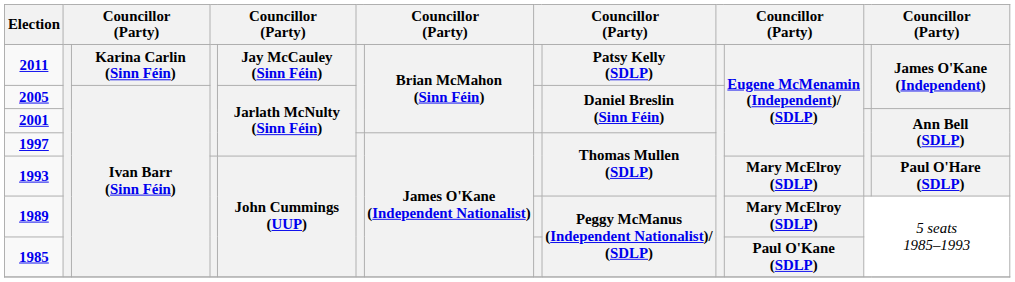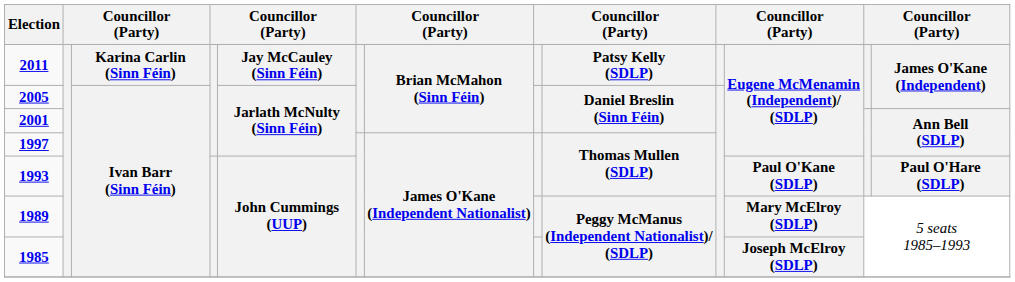 <table class="wikitable" style="text-align:center">
 <tr>
 <th scope="col" width="50">Election</th>
 <th scope="col" width="150" colspan = "2">Councillor<br> (Party)</th>
 <th scope="col" width="150" colspan = "2">Councillor<br> (Party)</th>
 <th scope="col" width="150" colspan = "2">Councillor<br> (Party)</th>
 <th scope="col" width="150" colspan = "2">Councillor<br> (Party)</th>
 <th scope="col" width="150" colspan = "2">Councillor<br> (Party)</th>
 <th scope="col" width="150" colspan = "2">Councillor<br> (Party)</th>
 </tr>
 <tr>
 <td><strong><a href='#'>2011</a></strong></td>
 <th rowspan="7" width="1" style="background-color: "></th>
 <th rowspan = "1">Karina Carlin <br> (<a href='#'>Sinn Féin</a>)</th>
 <th rowspan="4" width="1" style="background-color: "></th>
 <th rowspan = "1">Jay McCauley <br> (<a href='#'>Sinn Féin</a>)</th>
 <th rowspan="3" width="1" style="background-color: "></th>
 <th rowspan = "3">Brian McMahon <br> (<a href='#'>Sinn Féin</a>)</th>
 <th rowspan="1" width="1" style="background-color: "></th>
 <th rowspan = "1">Patsy Kelly <br> (<a href='#'>SDLP</a>)</th>
 <th rowspan="1" width="1" style="background-color: "></th>
 <th rowspan = "4"><a href='#'>Eugene McMenamin</a> <br> (<a href='#'>Independent</a>)/ <br> (<a href='#'>SDLP</a>)</th>
 <th rowspan="2" width="1" style="background-color: "></th>
 <th rowspan = "2">James O'Kane <br> (<a href='#'>Independent</a>)</th>
 </tr>
 <tr>
 <td><strong><a href='#'>2005</a></strong></td>
 <th rowspan = "6">Ivan Barr <br> (<a href='#'>Sinn Féin</a>)</th>
 <th rowspan = "3">Jarlath McNulty <br> (<a href='#'>Sinn Féin</a>)</th>
 <th rowspan="2" width="1" style="background-color: "></th>
 <th rowspan = "2">Daniel Breslin <br> (<a href='#'>Sinn Féin</a>)</th>
 <th rowspan="6" width="1" style="background-color: "></th>
 </tr>
 <tr>
 <td><strong><a href='#'>2001</a></strong></td>
 <th rowspan="3" width="1" style="background-color: "></th>
 <th rowspan = "2">Ann Bell <br> (<a href='#'>SDLP</a>)</th>
 </tr>
 <tr>
 <td><strong><a href='#'>1997</a></strong></td>
 <th rowspan="4" width="1" style="background-color: "></th>
 <th rowspan = "4">James O'Kane <br> (<a href='#'>Independent Nationalist</a>)</th>
 <th rowspan="2" width="1" style="background-color: "></th>
 <th rowspan = "2">Thomas Mullen <br> (<a href='#'>SDLP</a>)</th>
 </tr>
 <tr>
 <td><strong><a href='#'>1993</a></strong></td>
 <th rowspan="3" width="1" style="background-color: "></th>
 <th rowspan = "3">John Cummings <br> (<a href='#'>UUP</a>)</th>
-<th rowspan = "1">Mary McElroy <br> (<a href='#'>SDLP</a>)</th>
+<th rowspan = "1">Paul O'Kane <br> (<a href='#'>SDLP</a>)</th>
 <th rowspan = "1">Paul O'Hare <br> (<a href='#'>SDLP</a>)</th>
 </tr>
 <tr>
 <td><strong><a href='#'>1989</a></strong></td>
 <th rowspan="1" width="1" style="background-color: "></th>
 <th rowspan = "2">Peggy McManus <br> (<a href='#'>Independent Nationalist</a>)/ <br> (<a href='#'>SDLP</a>)</th>
 <th rowspan = "1">Mary McElroy <br> (<a href='#'>SDLP</a>)</th>
 <td colspan="2" rowspan="2" style="background-color:#FFFFFF"><em>5 seats<br>1985–1993</em></td>
 </tr>
 <tr>
 <td><strong><a href='#'>1985</a></strong></td>
 <th rowspan="1" width="1" style="background-color: "></th>
-<th rowspan = "1">Paul O'Kane <br> (<a href='#'>SDLP</a>)</th>
+<th rowspan = "1">Joseph McElroy <br> (<a href='#'>SDLP</a>)</th>
 </tr>
 <tr>
 </tr>
 </table>
